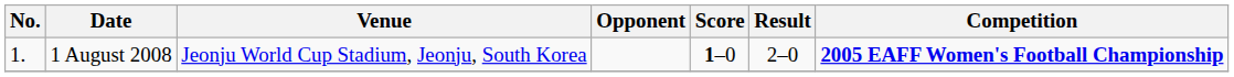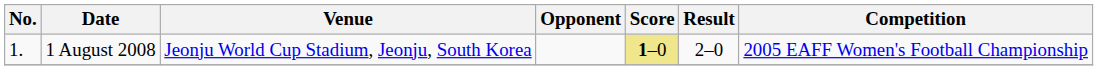 <table class="wikitable">
 <tr>
 <th>No.</th>
 <th>Date</th>
 <th>Venue</th>
 <th>Opponent</th>
 <th>Score</th>
 <th>Result</th>
 <th>Competition</th>
 </tr>
 <tr>
 <td>1.</td>
 <td>1 August 2008</td>
 <td><a href='#'>Jeonju World Cup Stadium</a>, <a href='#'>Jeonju</a>, <a href='#'>South Korea</a></td>
 <td></td>
-<td align=center><strong>1</strong>–0</td>
+<td align=center style="background: khaki;"><strong>1</strong>–0</td>
 <td align=center>2–0</td>
-<td><strong><a href='#'>2005 EAFF Women's Football Championship</a></strong></td>
+<td><a href='#'>2005 EAFF Women's Football Championship</a></td>
 </tr>
 <tr>
 </tr>
 </table>
